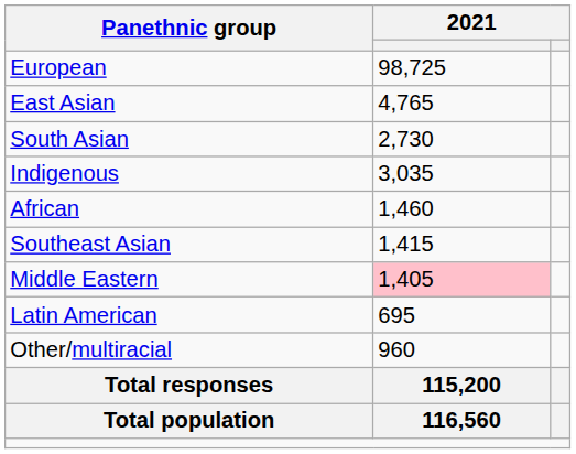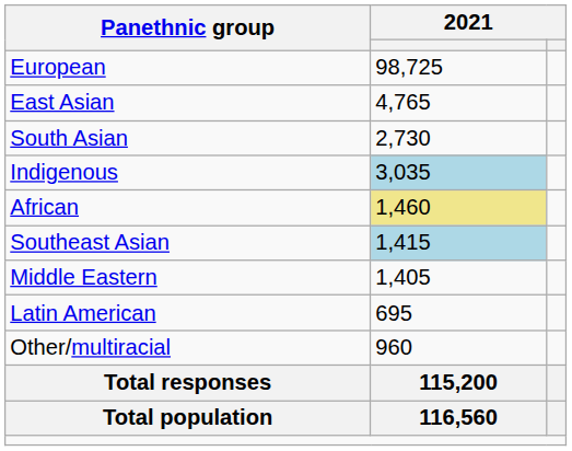 <table class="wikitable collapsible sortable">
 <tr>
 <th rowspan="2"><a href='#'>Panethnic</a> group</th>
 <th colspan="2">2021</th>
 </tr>
 <tr>
 <th><a href='#'></a></th>
 <th></th>
 </tr>
 <tr>
 <td><a href='#'>European</a></td>
 <td>98,725</td>
 <td></td>
 </tr>
 <tr>
 <td><a href='#'>East Asian</a></td>
 <td>4,765</td>
 <td></td>
 </tr>
 <tr>
 <td><a href='#'>South Asian</a></td>
 <td>2,730</td>
 <td></td>
 </tr>
 <tr>
 <td><a href='#'>Indigenous</a></td>
-<td>3,035</td>
+<td style="background: lightblue;">3,035</td>
 <td></td>
 </tr>
 <tr>
 <td><a href='#'>African</a></td>
-<td>1,460</td>
+<td style="background: khaki;">1,460</td>
 <td></td>
 </tr>
 <tr>
 <td><a href='#'>Southeast Asian</a></td>
-<td>1,415</td>
+<td style="background: lightblue;">1,415</td>
 <td></td>
 </tr>
 <tr>
 <td><a href='#'>Middle Eastern</a></td>
-<td style="background: pink;">1,405</td>
+<td>1,405</td>
 <td></td>
 </tr>
 <tr>
 <td><a href='#'>Latin American</a></td>
 <td>695</td>
 <td></td>
 </tr>
 <tr>
 <td>Other/<a href='#'>multiracial</a></td>
 <td>960</td>
 <td></td>
 </tr>
 <tr>
 <th>Total responses</th>
 <th>115,200</th>
 <th></th>
 </tr>
 <tr class="sortbottom">
 <th>Total population</th>
 <th>116,560</th>
 <th></th>
 </tr>
 <tr class="sortbottom">
 <td colspan="15" style="width: 25em;"></td>
 </tr>
 </table>
